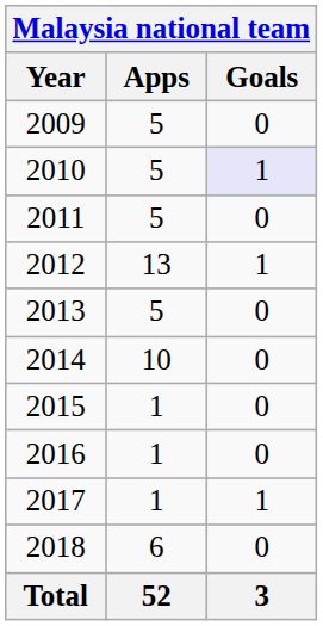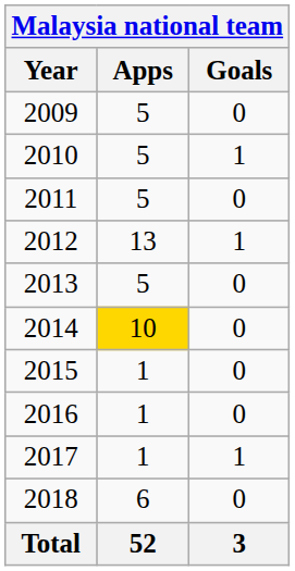 <table class="wikitable" style="text-align:center">
 <tr>
 <th colspan=3><a href='#'>Malaysia national team</a></th>
 </tr>
 <tr>
 <th>Year</th>
 <th>Apps</th>
 <th>Goals</th>
 </tr>
 <tr>
 <td>2009</td>
 <td>5</td>
 <td>0</td>
 </tr>
 <tr>
 <td>2010</td>
 <td>5</td>
-<td style="background: lavender;">1</td>
+<td>1</td>
 </tr>
 <tr>
 <td>2011</td>
 <td>5</td>
 <td>0</td>
 </tr>
 <tr>
 <td>2012</td>
 <td>13</td>
 <td>1</td>
 </tr>
 <tr>
 <td>2013</td>
 <td>5</td>
 <td>0</td>
 </tr>
 <tr>
 <td>2014</td>
-<td>10</td>
+<td style="background: gold;">10</td>
 <td>0</td>
 </tr>
 <tr>
 <td>2015</td>
 <td>1</td>
 <td>0</td>
 </tr>
 <tr>
 <td>2016</td>
 <td>1</td>
 <td>0</td>
 </tr>
 <tr>
 <td>2017</td>
 <td>1</td>
 <td>1</td>
 </tr>
 <tr>
 <td>2018</td>
 <td>6</td>
 <td>0</td>
 </tr>
 <tr>
 <th>Total</th>
 <th>52</th>
 <th>3</th>
 </tr>
 </table>
